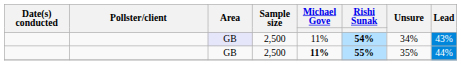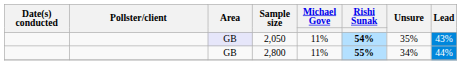 <table class="wikitable collapsible sortable mw-datatable" style="text-align:center;font-size:90%;line-height:14px">
 <tr>
 <th style="width:90px;" rowspan="2" class="unsortable">Date(s)<br>conducted</th>
 <th style="width:200px;" rowspan="2">Pollster/client</th>
 <th style="width:60px;" rowspan="2">Area</th>
 <th style="width:60px;" rowspan="2">Sample size</th>
 <th style="width:60px;" class="unsortable"><a href='#'>Michael Gove</a></th>
 <th style="width:60px;" class="unsortable"><a href='#'>Rishi Sunak</a></th>
 <th style="width:60px;" rowspan="2" class="unsortable">Unsure</th>
 <th class="unsortable" style="width:20px;" rowspan="2">Lead</th>
 </tr>
 <tr>
 <th class="unsortable" style="color:inherit;background:"></th>
 <th class="unsortable" style="color:inherit;background:"></th>
 </tr>
 <tr>
 <td></td>
 <td></td>
 <td style="background: lavender;">GB</td>
-<td>2,500</td>
+<td>2,050</td>
 <td>11%</td>
 <td style="background:#B3E0FF"><strong>54%</strong></td>
-<td>34%</td>
+<td>35%</td>
 <td style="background:#0087DC; color:white;">43%</td>
 </tr>
 <tr>
 <td></td>
 <td></td>
 <td>GB</td>
-<td>2,500</td>
-<td><strong>11%</strong></td>
+<td>2,800</td>
+<td>11%</td>
 <td style="background:#B3E0FF"><strong>55%</strong></td>
-<td>35%</td>
+<td>34%</td>
 <td style="background:#0087DC; color:white;">44%</td>
 </tr>
 <tr>
 </tr>
 </table>
